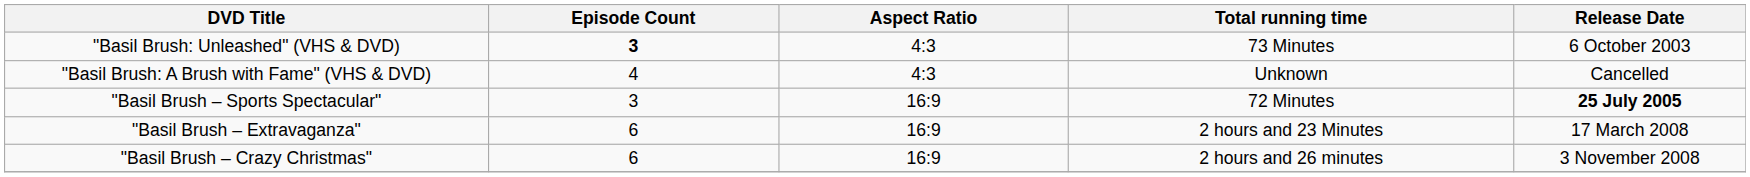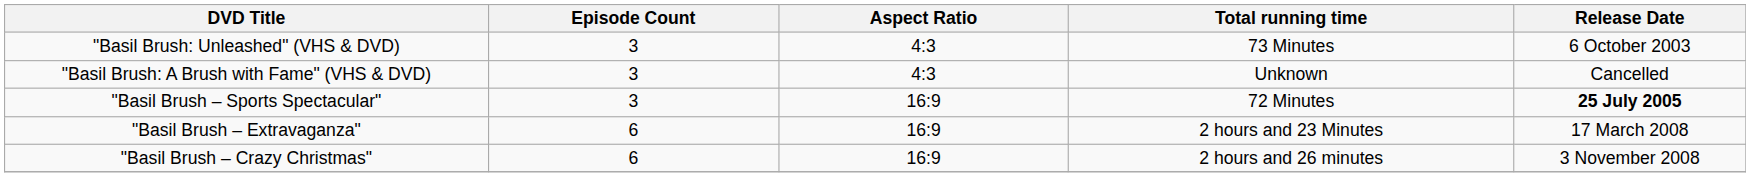 <table class="wikitable" width="100%" style="vertical-align:top;">
 <tr>
 <th colspan="2" width="25%">DVD Title</th>
 <th width="15%">Episode Count</th>
 <th width="15%">Aspect Ratio</th>
 <th width="23%">Total running time</th>
 <th width="12%">Release Date</th>
 </tr>
 <tr>
 <td colspan="2" align="center">"Basil Brush: Unleashed" (VHS & DVD)</td>
-<td rowspan="1" align="center"><strong>3</strong></td>
+<td rowspan="1" align="center">3</td>
 <td rowspan="1" align="center">4:3</td>
 <td align="center">73 Minutes</td>
 <td align="center">6 October 2003</td>
 </tr>
 <tr>
 <td colspan="2" align="center">"Basil Brush: A Brush with Fame" (VHS & DVD)</td>
-<td rowspan="1" align="center">4</td>
+<td rowspan="1" align="center">3</td>
 <td rowspan="1" align="center">4:3</td>
 <td align="center">Unknown</td>
 <td align="center">Cancelled</td>
 </tr>
 <tr>
 <td colspan="2" align="center">"Basil Brush – Sports Spectacular"</td>
 <td rowspan="1" align="center">3</td>
 <td rowspan="1" align="center">16:9</td>
 <td align="center">72 Minutes</td>
 <td align="center"><strong>25 July 2005</strong></td>
 </tr>
 <tr>
 <td colspan="2" align="center">"Basil Brush – Extravaganza"</td>
 <td rowspan="1" align="center">6</td>
 <td rowspan="1" align="center">16:9</td>
 <td align="center">2 hours and 23 Minutes</td>
 <td align="center">17 March 2008</td>
 </tr>
 <tr>
 <td colspan="2" align="center">"Basil Brush – Crazy Christmas"</td>
 <td rowspan="1" align="center">6</td>
 <td rowspan="1" align="center">16:9</td>
 <td align="center">2 hours and 26 minutes</td>
 <td align="center">3 November 2008</td>
 </tr>
 <tr>
 </tr>
 </table>
